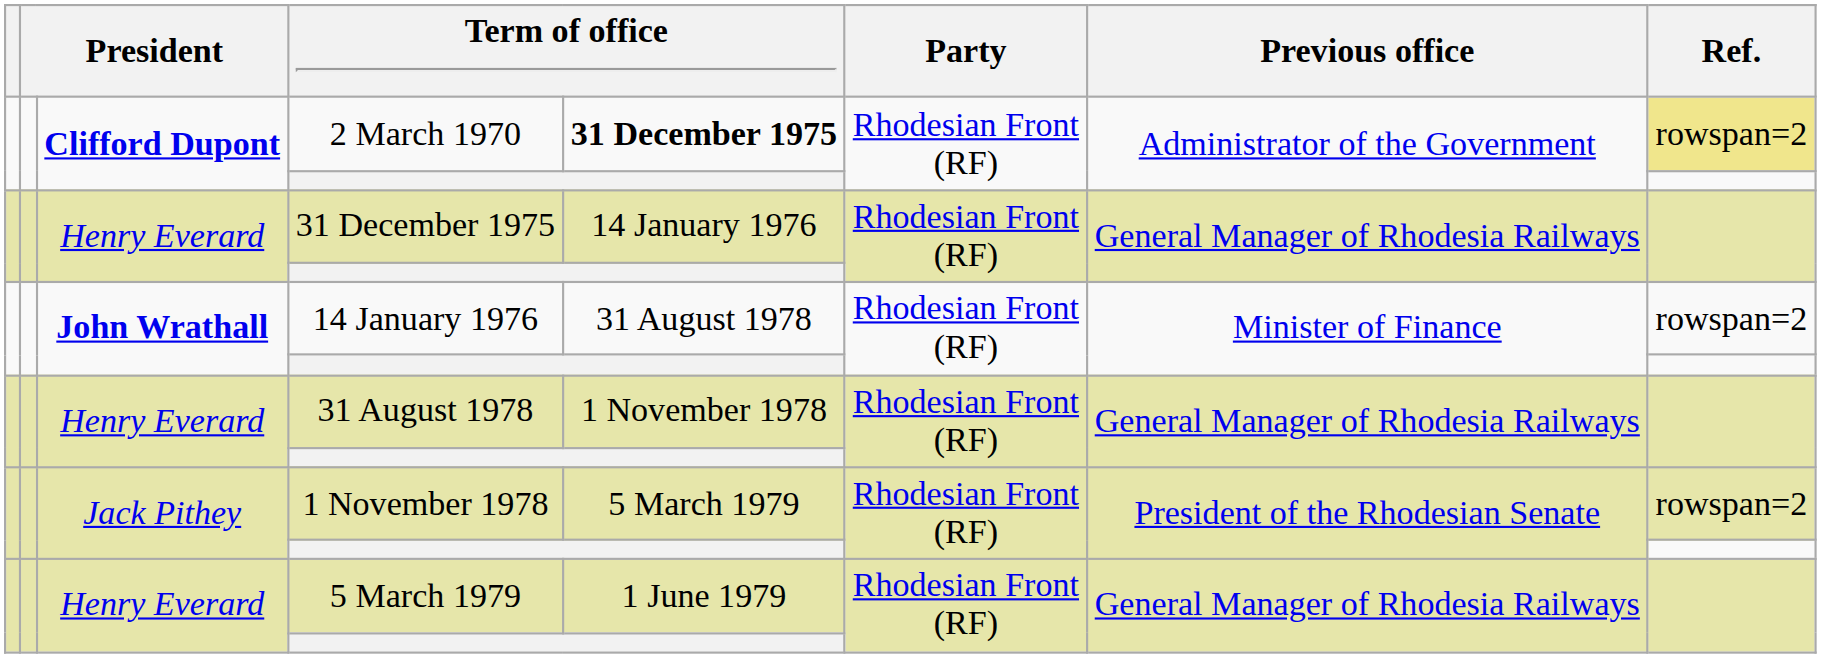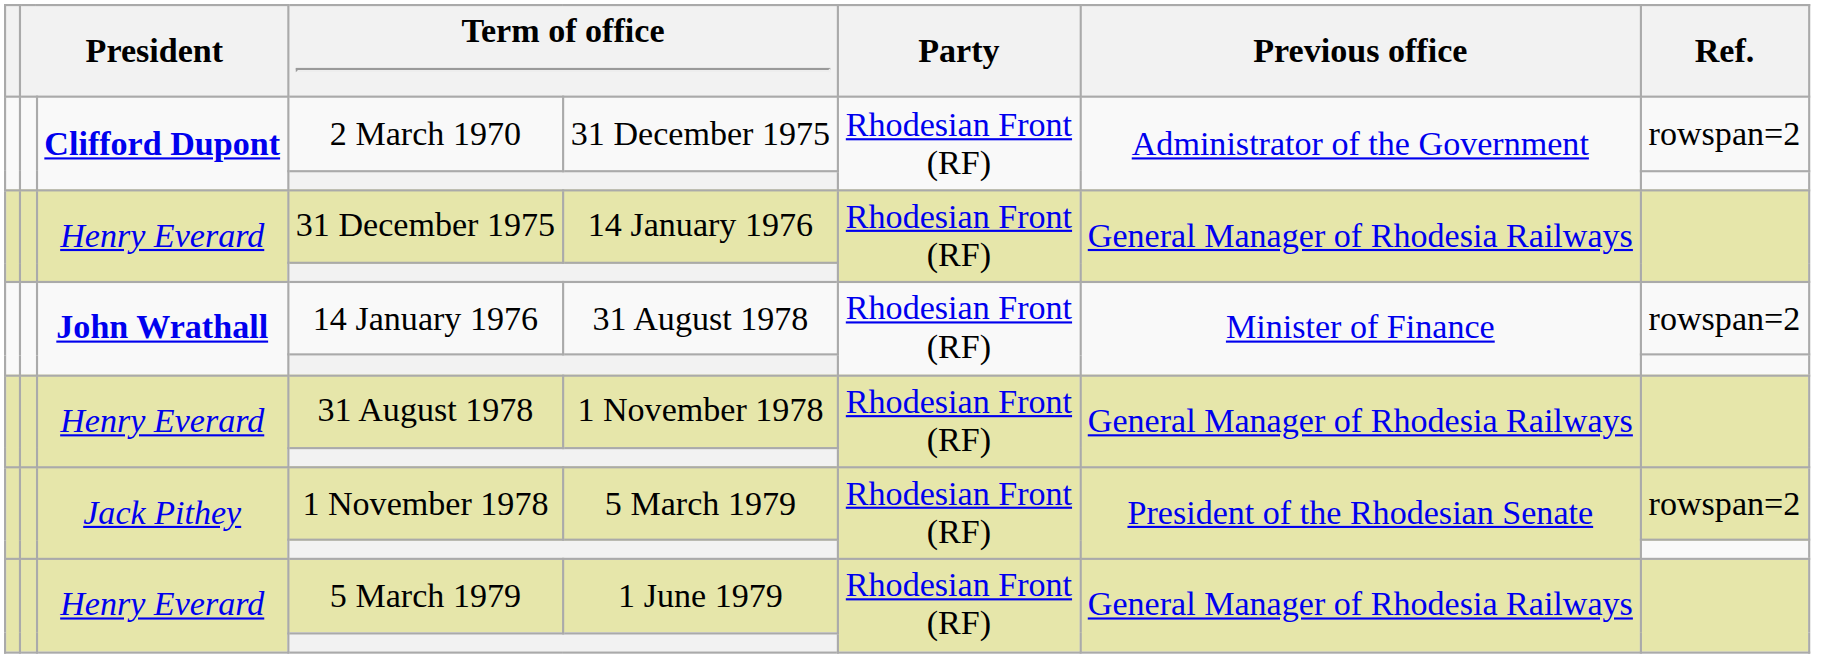 <table class="wikitable" style="text-align:center;">
 <tr>
 <th></th>
 <th colspan=2>President</th>
 <th colspan=2>Term of office<hr></th>
 <th>Party</th>
 <th>Previous office</th>
 <th>Ref.</th>
 </tr>
 <tr>
 <td rowspan=2 style="background:"><strong></strong></td>
 <td rowspan=2></td>
 <td rowspan=2><strong><a href='#'>Clifford Dupont</a></strong><br></td>
 <td>2 March 1970</td>
-<td><strong>31 December 1975</strong></td>
+<td>31 December 1975</td>
 <td rowspan=2><a href='#'>Rhodesian Front</a><br>(RF)</td>
 <td rowspan=2><a href='#'>Administrator of the Government</a><br></td>
-<td style="background: khaki;">rowspan=2 </td>
+<td>rowspan=2 </td>
 </tr>
 <tr>
 <th colspan=2 style="font-weight:normal; text-align:center; font-size:90%"></th>
 </tr>
 <tr bgcolor=#E6E6AA>
 <td rowspan=2 style="background:"><strong></strong></td>
 <td rowspan=2></td>
 <td rowspan=2><em><a href='#'>Henry Everard</a></em><br></td>
 <td>31 December 1975</td>
 <td>14 January 1976</td>
 <td rowspan=2><a href='#'>Rhodesian Front</a><br>(RF)</td>
 <td rowspan=2><a href='#'>General Manager of Rhodesia Railways</a><br></td>
 <td rowspan=2></td>
 </tr>
 <tr>
 <th colspan=2 style="font-weight:normal; text-align:center; font-size:90%"></th>
 </tr>
 <tr>
 <td rowspan=2 style="background:"><strong></strong></td>
 <td rowspan=2></td>
 <td rowspan=2><strong><a href='#'>John Wrathall</a></strong><br></td>
 <td>14 January 1976</td>
 <td>31 August 1978 </td>
 <td rowspan=2><a href='#'>Rhodesian Front</a><br>(RF)</td>
 <td rowspan=2><a href='#'>Minister of Finance</a><br></td>
 <td>rowspan=2 </td>
 </tr>
 <tr>
 <th colspan=2 style="font-weight:normal; text-align:center; font-size:90%"></th>
 </tr>
 <tr bgcolor=#E6E6AA>
 <td rowspan=2 style="background:"><strong></strong></td>
 <td rowspan=2></td>
 <td rowspan=2><em><a href='#'>Henry Everard</a></em><br></td>
 <td>31 August 1978</td>
 <td>1 November 1978</td>
 <td rowspan=2><a href='#'>Rhodesian Front</a><br>(RF)</td>
 <td rowspan=2><a href='#'>General Manager of Rhodesia Railways</a><br></td>
 <td rowspan=2></td>
 </tr>
 <tr>
 <th colspan=2 style="font-weight:normal; text-align:center; font-size:90%"></th>
 </tr>
 <tr bgcolor=#E6E6AA>
 <td rowspan=2 style="background:"><strong></strong></td>
 <td rowspan=2></td>
 <td rowspan=2><em><a href='#'>Jack Pithey</a></em><br></td>
 <td>1 November 1978</td>
 <td>5 March 1979</td>
 <td rowspan=2><a href='#'>Rhodesian Front</a><br>(RF)</td>
 <td rowspan=2><a href='#'>President of the Rhodesian Senate</a><br></td>
 <td>rowspan=2 </td>
 </tr>
 <tr>
 <th colspan=2 style="font-weight:normal; text-align:center; font-size:90%"></th>
 </tr>
 <tr bgcolor=#E6E6AA>
 <td rowspan=2 style="background:"><strong></strong></td>
 <td rowspan=2></td>
 <td rowspan=2><em><a href='#'>Henry Everard</a></em><br></td>
 <td>5 March 1979</td>
 <td>1 June 1979</td>
 <td rowspan=2><a href='#'>Rhodesian Front</a><br>(RF)</td>
 <td rowspan=2><a href='#'>General Manager of Rhodesia Railways</a><br></td>
 <td rowspan=2></td>
 </tr>
 <tr>
 <th colspan=2 style="font-weight:normal; text-align:center; font-size:90%"></th>
 </tr>
 </table>
